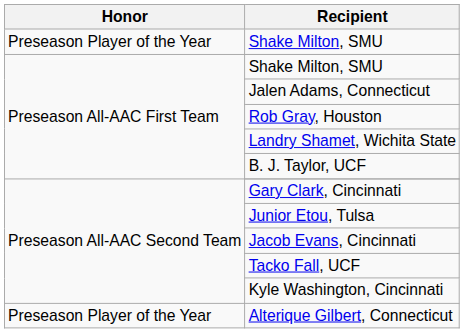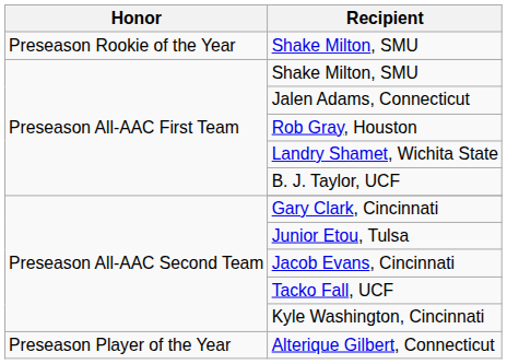 <table class="wikitable" border="1">
 <tr>
 <th>Honor</th>
 <th>Recipient</th>
 </tr>
 <tr>
-<td>Preseason Player of the Year</td>
+<td>Preseason Rookie of the Year</td>
 <td><a href='#'>Shake Milton</a>, SMU</td>
 </tr>
 <tr>
 <td rowspan="6" valign="middle">Preseason All-AAC First Team</td>
 </tr>
 <tr>
 <td>Shake Milton, SMU</td>
 </tr>
 <tr>
 <td>Jalen Adams, Connecticut</td>
 </tr>
 <tr>
 <td><a href='#'>Rob Gray</a>, Houston</td>
 </tr>
 <tr>
 <td><a href='#'>Landry Shamet</a>, Wichita State</td>
 </tr>
 <tr>
 <td>B. J. Taylor, UCF</td>
 </tr>
 <tr>
 <td rowspan="6" valign="middle">Preseason All-AAC Second Team</td>
 </tr>
 <tr>
 <td><a href='#'>Gary Clark</a>, Cincinnati</td>
 </tr>
 <tr>
 <td><a href='#'>Junior Etou</a>, Tulsa</td>
 </tr>
 <tr>
 <td><a href='#'>Jacob Evans</a>, Cincinnati</td>
 </tr>
 <tr>
 <td><a href='#'>Tacko Fall</a>, UCF</td>
 </tr>
 <tr>
 <td>Kyle Washington, Cincinnati</td>
 </tr>
 <tr>
 <td>Preseason Player of the Year</td>
 <td><a href='#'>Alterique Gilbert</a>, Connecticut</td>
 </tr>
 </table>
